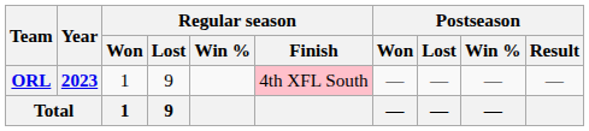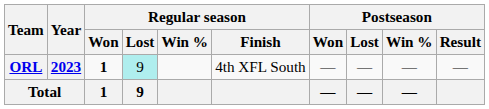 <table class="wikitable" style="font-size: 95%; text-align:center;">
 <tr>
 <th rowspan="2">Team</th>
 <th rowspan="2">Year</th>
 <th colspan="4">Regular season</th>
 <th colspan="4">Postseason</th>
 </tr>
 <tr>
 <th>Won</th>
 <th>Lost</th>
 <th>Win %</th>
 <th>Finish</th>
 <th>Won</th>
 <th>Lost</th>
 <th>Win %</th>
 <th>Result</th>
 </tr>
 <tr>
 <th><a href='#'>ORL</a></th>
 <th><a href='#'>2023</a></th>
-<td>1</td>
-<td>9</td>
+<td><strong>1</strong></td>
+<td style="background: paleturquoise;">9</td>
 <td></td>
-<td style="background: pink;">4th XFL South</td>
+<td>4th XFL South</td>
 <td>—</td>
 <td>—</td>
 <td>—</td>
 <td>—</td>
 </tr>
 <tr>
 <th colspan="2">Total</th>
 <th>1</th>
 <th>9</th>
 <th></th>
 <th></th>
 <th>—</th>
 <th>—</th>
 <th>—</th>
 <th></th>
 </tr>
 </table>
